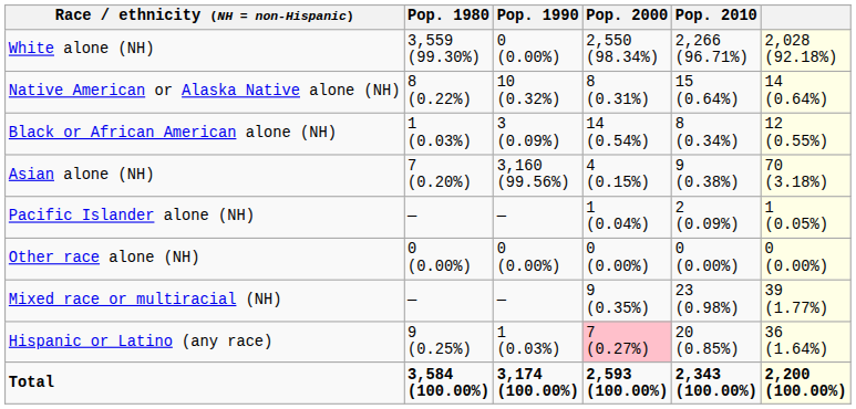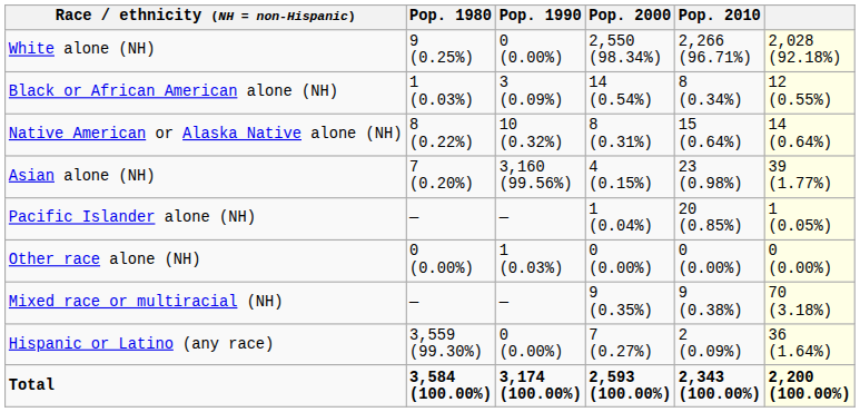 <table class="wikitable sortable collapsible" style="font-size: 95%;">
 <tr>
 <th>Race / ethnicity <small>(<em>NH = non-Hispanic</em>)</small></th>
 <th>Pop. 1980</th>
 <th>Pop. 1990</th>
 <th>Pop. 2000</th>
 <th>Pop. 2010</th>
 <th></th>
 </tr>
 <tr>
 <td><a href='#'>White</a> alone (NH)</td>
-<td>3,559<br>(99.30%)</td>
+<td>9<br>(0.25%)</td>
 <td>0<br>(0.00%)</td>
 <td>2,550<br>(98.34%)</td>
 <td>2,266<br>(96.71%)</td>
 <td style='background: #ffffe6;'>2,028<br>(92.18%)</td>
+</tr>
+<tr>
+<td><a href='#'>Black or African American</a> alone (NH)</td>
+<td>1<br>(0.03%)</td>
+<td>3<br>(0.09%)</td>
+<td>14<br>(0.54%)</td>
+<td>8<br>(0.34%)</td>
+<td style='background: #ffffe6;'>12<br>(0.55%)</td>
 </tr>
 <tr>
 <td><a href='#'>Native American</a> or <a href='#'>Alaska Native</a> alone (NH)</td>
 <td>8<br>(0.22%)</td>
 <td>10<br>(0.32%)</td>
 <td>8<br>(0.31%)</td>
 <td>15<br>(0.64%)</td>
 <td style='background: #ffffe6;'>14<br>(0.64%)</td>
 </tr>
 <tr>
-<td><a href='#'>Black or African American</a> alone (NH)</td>
-<td>1<br>(0.03%)</td>
-<td>3<br>(0.09%)</td>
-<td>14<br>(0.54%)</td>
-<td>8<br>(0.34%)</td>
-<td style='background: #ffffe6;'>12<br>(0.55%)</td>
-</tr>
-<tr>
 <td><a href='#'>Asian</a> alone (NH)</td>
 <td>7<br>(0.20%)</td>
 <td>3,160<br>(99.56%)</td>
 <td>4<br>(0.15%)</td>
-<td>9<br>(0.38%)</td>
-<td style='background: #ffffe6;'>70<br>(3.18%)</td>
+<td>23<br>(0.98%)</td>
+<td style='background: #ffffe6;'>39<br>(1.77%)</td>
 </tr>
 <tr>
 <td><a href='#'>Pacific Islander</a> alone (NH)</td>
 <td>—</td>
 <td>—</td>
 <td>1<br>(0.04%)</td>
-<td>2<br>(0.09%)</td>
+<td>20<br>(0.85%)</td>
 <td style='background: #ffffe6;'>1<br>(0.05%)</td>
 </tr>
 <tr>
 <td><a href='#'>Other race</a> alone (NH)</td>
 <td>0<br>(0.00%)</td>
-<td>0<br>(0.00%)</td>
+<td>1<br>(0.03%)</td>
 <td>0<br>(0.00%)</td>
 <td>0<br>(0.00%)</td>
 <td style='background: #ffffe6;'>0<br>(0.00%)</td>
 </tr>
 <tr>
 <td><a href='#'>Mixed race or multiracial</a> (NH)</td>
 <td>—</td>
 <td>—</td>
 <td>9<br>(0.35%)</td>
-<td>23<br>(0.98%)</td>
-<td style='background: #ffffe6;'>39<br>(1.77%)</td>
+<td>9<br>(0.38%)</td>
+<td style='background: #ffffe6;'>70<br>(3.18%)</td>
 </tr>
 <tr>
 <td><a href='#'>Hispanic or Latino</a> (any race)</td>
-<td>9<br>(0.25%)</td>
-<td>1<br>(0.03%)</td>
-<td style="background: pink;">7<br>(0.27%)</td>
-<td>20<br>(0.85%)</td>
+<td>3,559<br>(99.30%)</td>
+<td>0<br>(0.00%)</td>
+<td>7<br>(0.27%)</td>
+<td>2<br>(0.09%)</td>
 <td style='background: #ffffe6;'>36<br>(1.64%)</td>
 </tr>
 <tr>
 <td><strong>Total</strong></td>
 <td><strong>3,584<br>(100.00%)</strong></td>
 <td><strong>3,174<br>(100.00%)</strong></td>
 <td><strong>2,593<br>(100.00%)</strong></td>
 <td><strong>2,343<br>(100.00%)</strong></td>
 <td style='background: #ffffe6;'><strong>2,200<br>(100.00%)</strong></td>
 </tr>
 </table>
